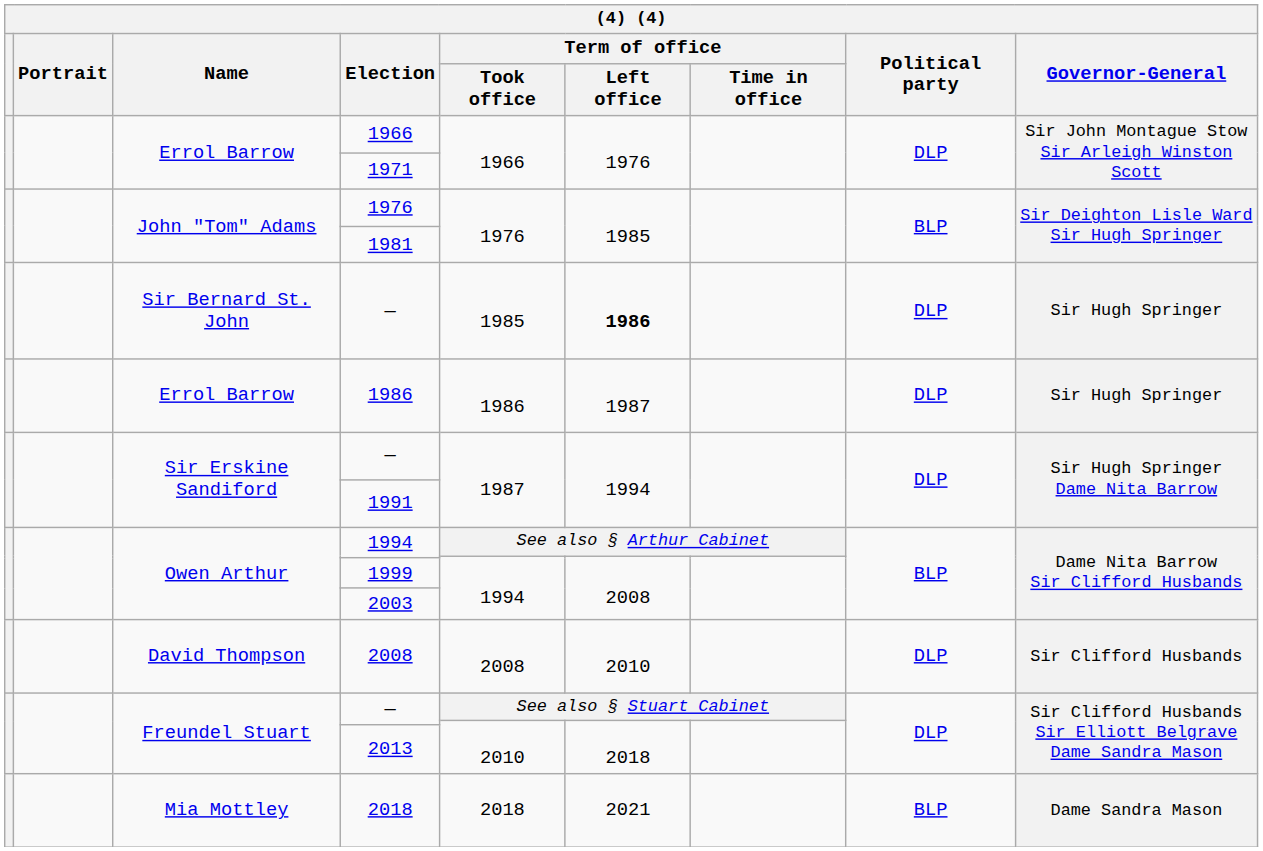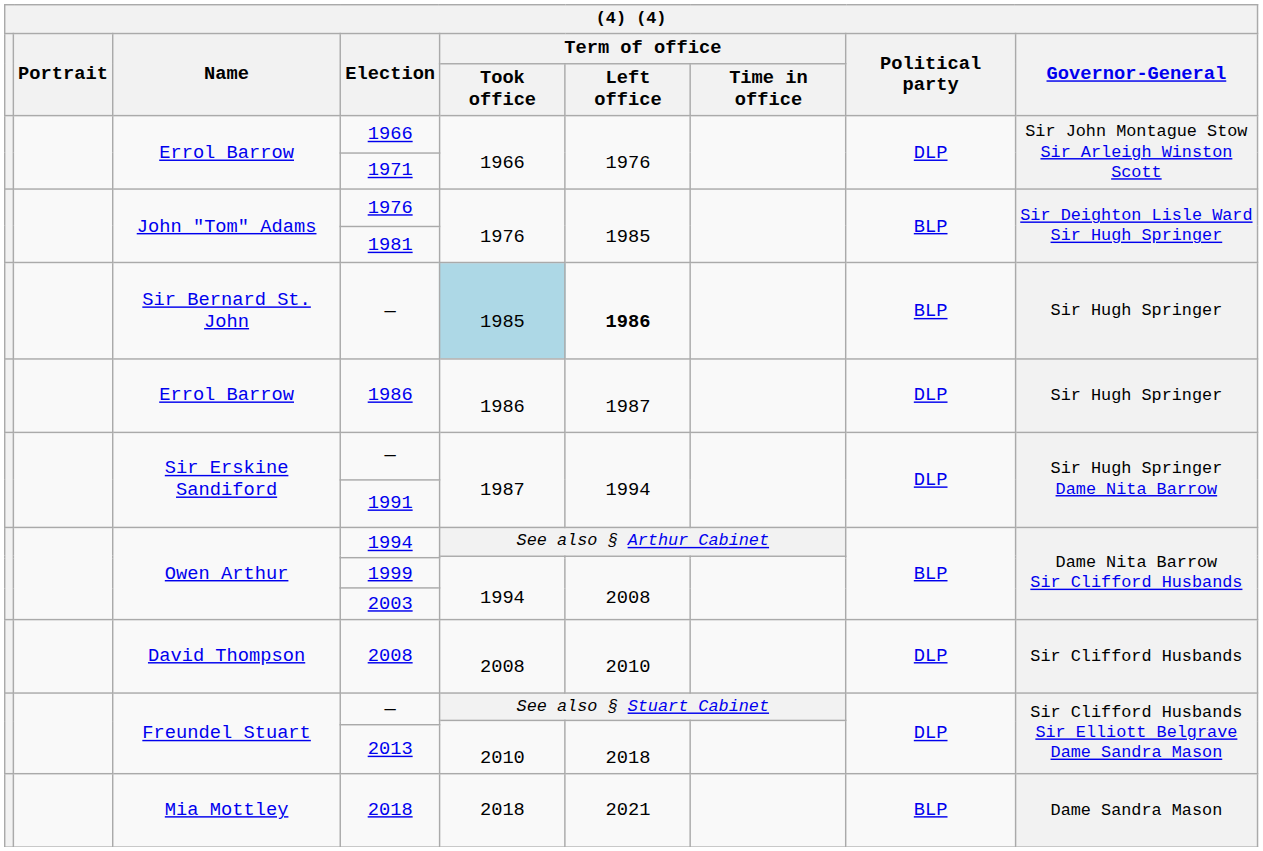 <table class="wikitable" style="text-align:center">
 <tr>
 <th colspan="9" style="background:#f2f2f2; font-size:90%; align=center"> (4) (4)</th>
 </tr>
 <tr>
 <th rowspan="2"></th>
 <th rowspan="2">Portrait</th>
 <th rowspan="2">Name<br></th>
 <th rowspan="2">Election</th>
 <th colspan="3">Term of office</th>
 <th rowspan="2">Political party</th>
 <th rowspan="2"><a href='#'>Governor-General</a></th>
 </tr>
 <tr>
 <th>Took office</th>
 <th>Left office</th>
 <th>Time in office</th>
 </tr>
 <tr>
 <th rowspan="2" style="background:"></th>
 <td rowspan="2"></td>
 <td rowspan="2"><br><a href='#'>Errol Barrow</a><br> <br></td>
 <td><a href='#'>1966</a></td>
 <td rowspan="2"><br>1966</td>
 <td rowspan="2"><br>1976</td>
 <td rowspan="2"></td>
 <td rowspan="2"><a href='#'>DLP</a></td>
 <th rowspan="2" style="font-size:90%; font-weight:normal; line-height:normal; text-align:center">Sir John Montague Stow<br><a href='#'>Sir Arleigh Winston Scott</a></th>
 </tr>
 <tr>
 <td><a href='#'>1971</a></td>
 </tr>
 <tr>
 <th rowspan="2" style="background:"></th>
 <td rowspan="2"></td>
 <td rowspan="2"><br><a href='#'>John "Tom" Adams</a><br><br></td>
 <td><a href='#'>1976</a></td>
 <td rowspan="2"><br>1976</td>
 <td rowspan="2"><br>1985</td>
 <td rowspan="2"></td>
 <td rowspan="2"><a href='#'>BLP</a></td>
 <th rowspan="2" style="font-size:90%; font-weight:normal; line-height:normal; text-align:center"><a href='#'>Sir Deighton Lisle Ward</a><br><a href='#'>Sir Hugh Springer</a></th>
 </tr>
 <tr>
 <td><a href='#'>1981</a></td>
 </tr>
 <tr>
 <th style="background:"></th>
 <td></td>
 <td><br><a href='#'>Sir Bernard St. John</a><br><br></td>
 <td>—</td>
-<td><br>1985</td>
+<td style="background: lightblue;"><br>1985</td>
 <td><strong><br>1986</strong></td>
 <td></td>
-<td><a href='#'>DLP</a></td>
+<td><a href='#'>BLP</a></td>
 <th style="font-size:90%; font-weight:normal; line-height:normal; text-align:center">Sir Hugh Springer</th>
 </tr>
 <tr>
 <th style="background:"></th>
 <td></td>
 <td><br><a href='#'>Errol Barrow</a><br> <br></td>
 <td><a href='#'>1986</a></td>
 <td><br>1986</td>
 <td><br>1987</td>
 <td></td>
 <td><a href='#'>DLP</a></td>
 <th style="font-size:90%; font-weight:normal; line-height:normal; text-align:center">Sir Hugh Springer</th>
 </tr>
 <tr>
 <th rowspan="2" style="background:"></th>
 <td rowspan="2"></td>
 <td rowspan="2"><br><a href='#'>Sir Erskine Sandiford</a><br> <br></td>
 <td>—</td>
 <td rowspan="2"><br>1987</td>
 <td rowspan="2"><br>1994</td>
 <td rowspan="2"></td>
 <td rowspan="2"><a href='#'>DLP</a></td>
 <th rowspan="2" style="font-size:90%; font-weight:normal; line-height:normal; text-align:center">Sir Hugh Springer<br><a href='#'>Dame Nita Barrow</a></th>
 </tr>
 <tr>
 <td><a href='#'>1991</a></td>
 </tr>
 <tr>
 <th rowspan="4" style="background:"></th>
 <td rowspan="4"></td>
 <td rowspan="4"><br><a href='#'>Owen Arthur</a><br><br></td>
 <td rowspan="2"><a href='#'>1994</a></td>
 <td colspan="3" class="nowrap" style="background-color:#f2f2f2; font-style:italic; font-size:90%">See also § <a href='#'>Arthur Cabinet</a></td>
 <td rowspan="4"><a href='#'>BLP</a></td>
 <th rowspan="4" style="font-size:90%; font-weight:normal; line-height:normal; text-align:center">Dame Nita Barrow<br><a href='#'>Sir Clifford Husbands</a></th>
 </tr>
 <tr>
 <td rowspan="3"><br>1994</td>
 <td rowspan="3"><br>2008</td>
 <td rowspan="3"></td>
 </tr>
 <tr>
 <td><a href='#'>1999</a></td>
 </tr>
 <tr>
 <td><a href='#'>2003</a></td>
 </tr>
 <tr>
 <th style="background:"></th>
 <td></td>
 <td><br><a href='#'>David Thompson</a><br><br></td>
 <td><a href='#'>2008</a></td>
 <td><br>2008</td>
 <td><br>2010</td>
 <td></td>
 <td><a href='#'>DLP</a></td>
 <th style="font-size:90%; font-weight:normal; line-height:normal; text-align:center">Sir Clifford Husbands</th>
 </tr>
 <tr>
 <th rowspan="3" style="background:"></th>
 <td rowspan="3"></td>
 <td rowspan="3"><br><a href='#'>Freundel Stuart</a><br>  <br></td>
 <td rowspan="2">—</td>
 <td colspan="3" class="nowrap" style="background-color:#f2f2f2; font-style:italic; font-size:90%">See also § <a href='#'>Stuart Cabinet</a></td>
 <td rowspan="3"><a href='#'>DLP</a></td>
 <th rowspan="3" style="font-size:90%; font-weight:normal; line-height:normal; text-align:center">Sir Clifford Husbands<br><a href='#'>Sir Elliott Belgrave</a><br><a href='#'>Dame Sandra Mason</a></th>
 </tr>
 <tr>
 <td rowspan="2"><br>2010</td>
 <td rowspan="2"><br>2018</td>
 <td rowspan="2"></td>
 </tr>
 <tr>
 <td><a href='#'>2013</a></td>
 </tr>
 <tr>
 <th rowspan="2" style="background:"></th>
 <td></td>
 <td><br><a href='#'>Mia Mottley</a><br><br></td>
 <td><a href='#'>2018</a></td>
 <td> 2018</td>
 <td> 2021</td>
 <td></td>
 <td><a href='#'>BLP</a></td>
 <th style="font-size:90%; font-weight:normal; line-height:normal; text-align:center">Dame Sandra Mason</th>
 </tr>
 </table>
